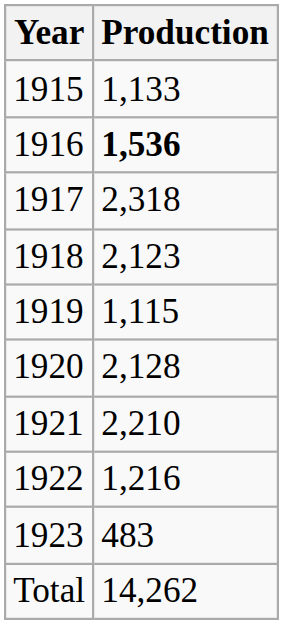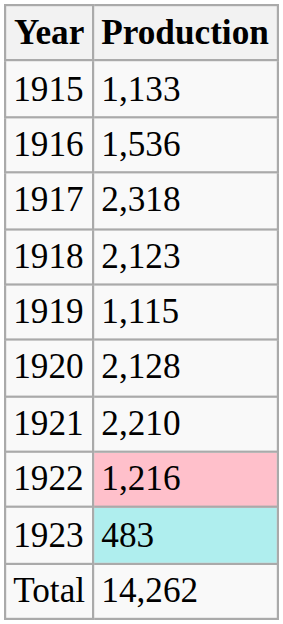 <table class="wikitable sortable">
 <tr>
 <th>Year</th>
 <th>Production</th>
 </tr>
 <tr>
 <td>1915</td>
 <td>1,133</td>
 </tr>
 <tr>
 <td>1916</td>
-<td><strong>1,536</strong></td>
+<td>1,536</td>
 </tr>
 <tr>
 <td>1917</td>
 <td>2,318</td>
 </tr>
 <tr>
 <td>1918</td>
 <td>2,123</td>
 </tr>
 <tr>
 <td>1919</td>
 <td>1,115</td>
 </tr>
 <tr>
 <td>1920</td>
 <td>2,128</td>
 </tr>
 <tr>
 <td>1921</td>
 <td>2,210</td>
 </tr>
 <tr>
 <td>1922</td>
-<td>1,216</td>
+<td style="background: pink;">1,216</td>
 </tr>
 <tr>
 <td>1923</td>
-<td>483</td>
+<td style="background: paleturquoise;">483</td>
 </tr>
 <tr>
 <td>Total</td>
 <td>14,262</td>
 </tr>
 </table>
